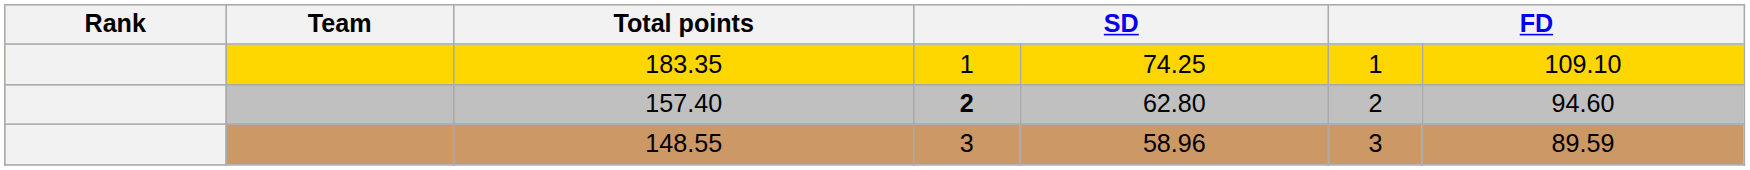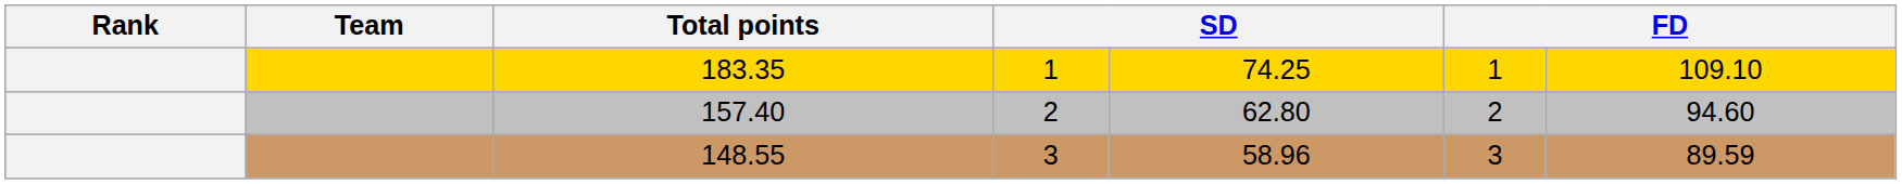 <table class="wikitable sortable" style="text-align:left;" width="70%">
 <tr>
 <th scope="col">Rank</th>
 <th scope="col">Team</th>
 <th scope="col">Total points</th>
 <th scope="col" colspan="2" width="80px"><a href='#'>SD</a></th>
 <th scope="col" colspan="2" width="80px"><a href='#'>FD</a></th>
 </tr>
 <tr bgcolor="gold">
 <th scope="row"></th>
 <td></td>
 <td style="text-align: center;">183.35</td>
 <td style="text-align: center;">1</td>
 <td style="text-align: center;">74.25</td>
 <td style="text-align: center;">1</td>
 <td style="text-align: center;">109.10</td>
 </tr>
 <tr bgcolor="silver">
 <th scope="row"></th>
 <td></td>
 <td style="text-align: center;">157.40</td>
-<td style="text-align: center;"><strong>2</strong></td>
+<td style="text-align: center;">2</td>
 <td style="text-align: center;">62.80</td>
 <td style="text-align: center;">2</td>
 <td style="text-align: center;">94.60</td>
 </tr>
 <tr bgcolor="cc9966">
 <th scope="row"></th>
 <td></td>
 <td style="text-align: center;">148.55</td>
 <td style="text-align: center;">3</td>
 <td style="text-align: center;">58.96</td>
 <td style="text-align: center;">3</td>
 <td style="text-align: center;">89.59</td>
 </tr>
 </table>
